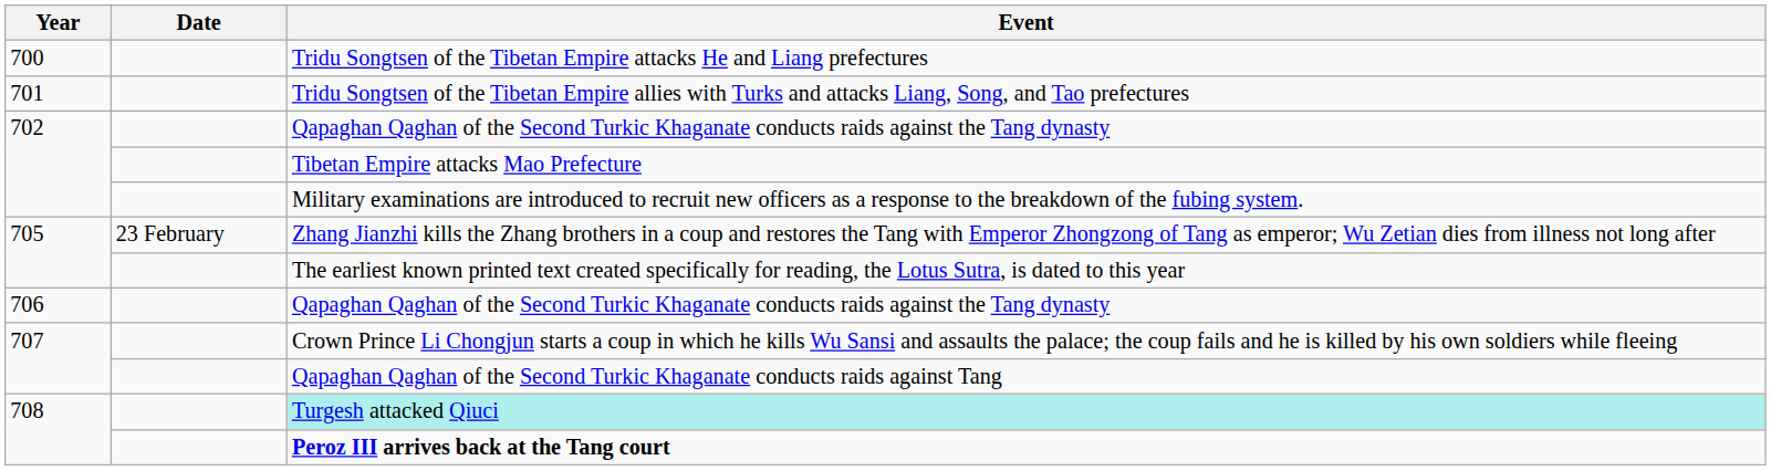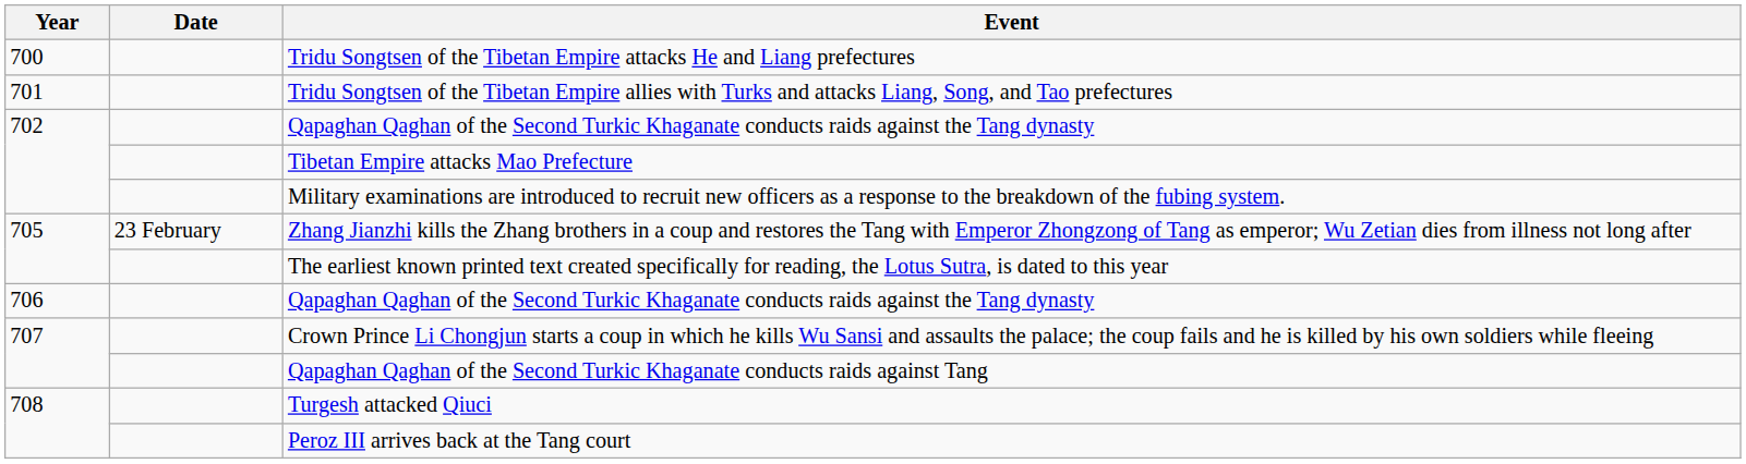 <table class="wikitable" width="100%">
 <tr>
 <th style="width:6%">Year</th>
 <th style="width:10%">Date</th>
 <th>Event</th>
 </tr>
 <tr>
 <td>700</td>
 <td></td>
 <td><a href='#'>Tridu Songtsen</a> of the <a href='#'>Tibetan Empire</a> attacks <a href='#'>He</a> and  <a href='#'>Liang</a> prefectures</td>
 </tr>
 <tr>
 <td>701</td>
 <td></td>
 <td><a href='#'>Tridu Songtsen</a> of the <a href='#'>Tibetan Empire</a> allies with <a href='#'>Turks</a> and attacks <a href='#'>Liang</a>, <a href='#'>Song</a>, and <a href='#'>Tao</a> prefectures</td>
 </tr>
 <tr>
 <td rowspan="3" valign="top">702</td>
 <td></td>
 <td><a href='#'>Qapaghan Qaghan</a> of the <a href='#'>Second Turkic Khaganate</a> conducts raids against the <a href='#'>Tang dynasty</a></td>
 </tr>
 <tr>
 <td></td>
 <td><a href='#'>Tibetan Empire</a> attacks <a href='#'>Mao Prefecture</a></td>
 </tr>
 <tr>
 <td></td>
 <td>Military examinations are introduced to recruit new officers as a response to the breakdown of the <a href='#'>fubing system</a>.</td>
 </tr>
 <tr>
 <td rowspan="2" valign="top">705</td>
 <td>23 February</td>
 <td><a href='#'>Zhang Jianzhi</a> kills the Zhang brothers in a coup and restores the Tang with <a href='#'>Emperor Zhongzong of Tang</a> as emperor; <a href='#'>Wu Zetian</a> dies from illness not long after</td>
 </tr>
 <tr>
 <td></td>
 <td>The earliest known printed text created specifically for reading, the <a href='#'>Lotus Sutra</a>, is dated to this year</td>
 </tr>
 <tr>
 <td>706</td>
 <td></td>
 <td><a href='#'>Qapaghan Qaghan</a> of the <a href='#'>Second Turkic Khaganate</a> conducts raids against the <a href='#'>Tang dynasty</a></td>
 </tr>
 <tr>
 <td rowspan="2" valign="top">707</td>
 <td></td>
 <td>Crown Prince <a href='#'>Li Chongjun</a> starts a coup in which he kills <a href='#'>Wu Sansi</a> and assaults the palace; the coup fails and he is killed by his own soldiers while fleeing</td>
 </tr>
 <tr>
 <td></td>
 <td><a href='#'>Qapaghan Qaghan</a> of the <a href='#'>Second Turkic Khaganate</a> conducts raids against Tang</td>
 </tr>
 <tr>
 <td rowspan="2" valign="top">708</td>
 <td></td>
-<td style="background: paleturquoise;"><a href='#'>Turgesh</a> attacked <a href='#'>Qiuci</a></td>
+<td><a href='#'>Turgesh</a> attacked <a href='#'>Qiuci</a></td>
 </tr>
 <tr>
 <td></td>
-<td><strong><a href='#'>Peroz III</a> arrives back at the Tang court</strong></td>
+<td><a href='#'>Peroz III</a> arrives back at the Tang court</td>
 </tr>
 </table>
